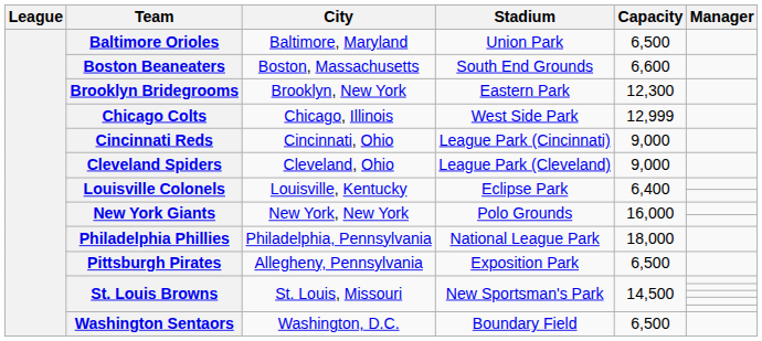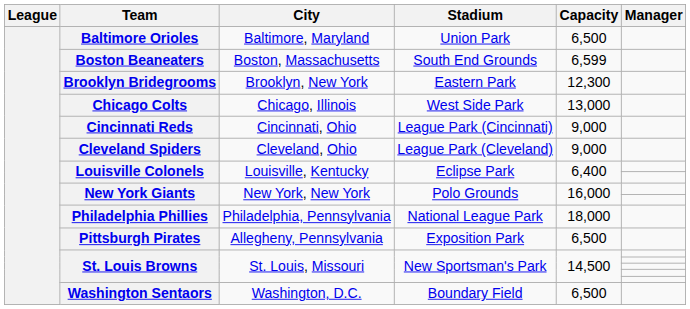 <table class="wikitable sortable plainrowheaders" style="text-align:center;">
 <tr>
 <th scope="col">League</th>
 <th scope="col">Team</th>
 <th scope="col">City</th>
 <th scope="col">Stadium</th>
 <th scope="col">Capacity</th>
 <th scope="col">Manager</th>
 </tr>
 <tr>
 <th rowspan="19"></th>
 <th scope="row"><a href='#'>Baltimore Orioles</a></th>
 <td><a href='#'>Baltimore</a>, <a href='#'>Maryland</a></td>
 <td><a href='#'>Union Park</a></td>
 <td>6,500</td>
 <td></td>
 </tr>
 <tr>
 <th scope="row"><a href='#'>Boston Beaneaters</a></th>
 <td><a href='#'>Boston</a>, <a href='#'>Massachusetts</a></td>
 <td><a href='#'>South End Grounds</a></td>
-<td>6,600</td>
+<td>6,599</td>
 <td></td>
 </tr>
 <tr>
 <th scope="row"><a href='#'>Brooklyn Bridegrooms</a></th>
 <td><a href='#'>Brooklyn</a>, <a href='#'>New York</a></td>
 <td><a href='#'>Eastern Park</a></td>
 <td>12,300</td>
 <td></td>
 </tr>
 <tr>
 <th scope="row"><a href='#'>Chicago Colts</a></th>
 <td><a href='#'>Chicago</a>, <a href='#'>Illinois</a></td>
 <td><a href='#'>West Side Park</a></td>
-<td>12,999</td>
+<td>13,000</td>
 <td></td>
 </tr>
 <tr>
 <th scope="row"><a href='#'>Cincinnati Reds</a></th>
 <td><a href='#'>Cincinnati</a>, <a href='#'>Ohio</a></td>
 <td><a href='#'>League Park (Cincinnati)</a></td>
 <td>9,000</td>
 <td></td>
 </tr>
 <tr>
 <th scope="row"><a href='#'>Cleveland Spiders</a></th>
 <td><a href='#'>Cleveland</a>, <a href='#'>Ohio</a></td>
 <td><a href='#'>League Park (Cleveland)</a></td>
 <td>9,000</td>
 <td></td>
 </tr>
 <tr>
 <th rowspan="2" scope="row"><a href='#'>Louisville Colonels</a></th>
 <td rowspan="2"><a href='#'>Louisville</a>, <a href='#'>Kentucky</a></td>
 <td rowspan="2"><a href='#'>Eclipse Park</a></td>
 <td rowspan="2">6,400</td>
 <td></td>
 </tr>
 <tr>
 <td></td>
 </tr>
 <tr>
 <th rowspan="2" scope="row"><a href='#'>New York Giants</a></th>
 <td rowspan="2"><a href='#'>New York</a>, <a href='#'>New York</a></td>
 <td rowspan="2"><a href='#'>Polo Grounds</a></td>
 <td rowspan="2">16,000</td>
 <td></td>
 </tr>
 <tr>
 <td></td>
 </tr>
 <tr>
 <th scope="row"><a href='#'>Philadelphia Phillies</a></th>
 <td><a href='#'>Philadelphia, Pennsylvania</a></td>
 <td><a href='#'>National League Park</a></td>
 <td>18,000</td>
 <td></td>
 </tr>
 <tr>
 <th scope="row"><a href='#'>Pittsburgh Pirates</a></th>
 <td><a href='#'>Allegheny, Pennsylvania</a></td>
 <td><a href='#'>Exposition Park</a></td>
 <td>6,500</td>
 <td></td>
 </tr>
 <tr>
 <th rowspan="5" scope="row"><a href='#'>St. Louis Browns</a></th>
 <td rowspan="5"><a href='#'>St. Louis</a>, <a href='#'>Missouri</a></td>
 <td rowspan="5"><a href='#'>New Sportsman's Park</a></td>
 <td rowspan="5">14,500</td>
 <td></td>
 </tr>
 <tr>
 <td></td>
 </tr>
 <tr>
 <td></td>
 </tr>
 <tr>
 <td></td>
 </tr>
 <tr>
 <td></td>
 </tr>
 <tr>
 <th scope="row"><a href='#'>Washington Sentaors</a></th>
 <td><a href='#'>Washington, D.C.</a></td>
 <td><a href='#'>Boundary Field</a></td>
 <td>6,500</td>
 <td></td>
 </tr>
 </table>
